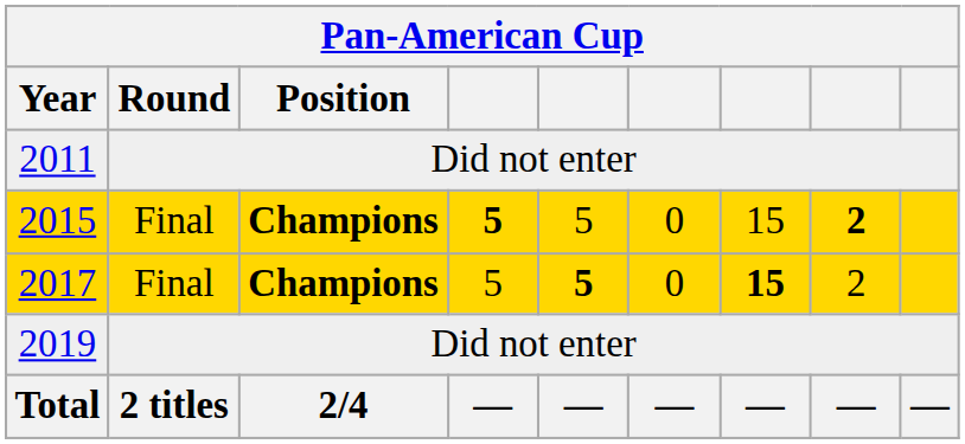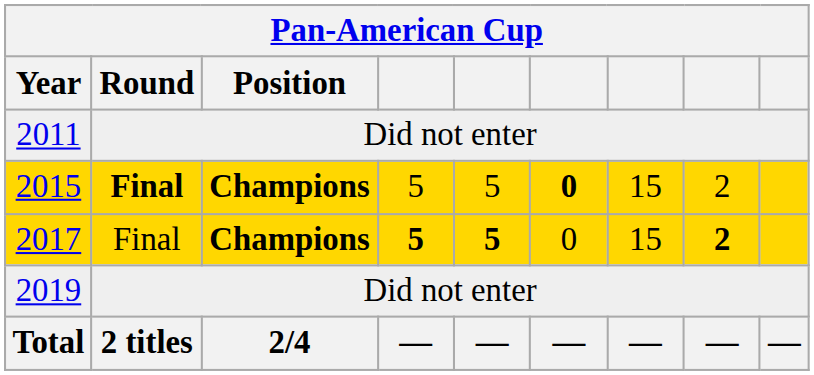 <table class="wikitable" style="text-align: center;">
 <tr>
 <th colspan=9><strong><a href='#'>Pan-American Cup</a></strong> </th>
 </tr>
 <tr>
 <th><strong>Year</strong></th>
 <th><strong>Round</strong></th>
 <th><strong>Position</strong></th>
 <th width=30><strong></strong></th>
 <th width=30><strong></strong></th>
 <th width=30><strong></strong></th>
 <th width=30><strong></strong></th>
 <th width=30><strong></strong></th>
 <th><strong></strong></th>
 </tr>
 <tr bgcolor="efefef">
 <td> <a href='#'>2011</a></td>
 <td colspan=9>Did not enter</td>
 </tr>
 <tr bgcolor=gold>
 <td> <a href='#'>2015</a></td>
-<td>Final</td>
+<td><strong>Final</strong></td>
 <td><strong>Champions</strong></td>
-<td><strong>5</strong></td>
 <td>5</td>
-<td>0</td>
+<td>5</td>
+<td><strong>0</strong></td>
 <td>15</td>
-<td><strong>2</strong></td>
+<td>2</td>
 <td></td>
 </tr>
 <tr bgcolor=gold>
 <td> <a href='#'>2017</a></td>
 <td>Final</td>
 <td><strong>Champions</strong></td>
-<td>5</td>
+<td><strong>5</strong></td>
 <td><strong>5</strong></td>
 <td>0</td>
-<td><strong>15</strong></td>
-<td>2</td>
+<td>15</td>
+<td><strong>2</strong></td>
 <td></td>
 </tr>
 <tr bgcolor="efefef">
 <td> <a href='#'>2019</a></td>
 <td colspan=9>Did not enter</td>
 </tr>
 <tr>
 <th><strong>Total</strong></th>
 <th><strong>2 titles</strong></th>
 <th><strong>2/4</strong></th>
 <th><strong>—</strong></th>
 <th><strong>—</strong></th>
 <th><strong>—</strong></th>
 <th><strong>—</strong></th>
 <th><strong>—</strong></th>
 <th><strong>—</strong></th>
 </tr>
 </table>
